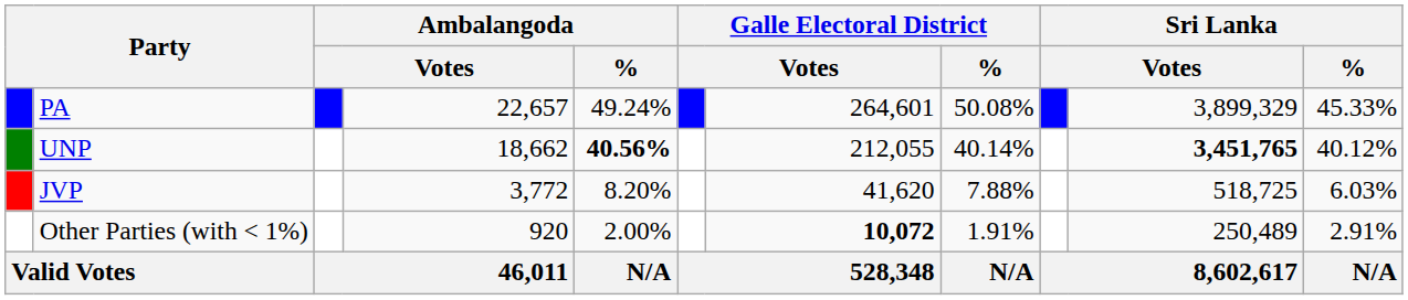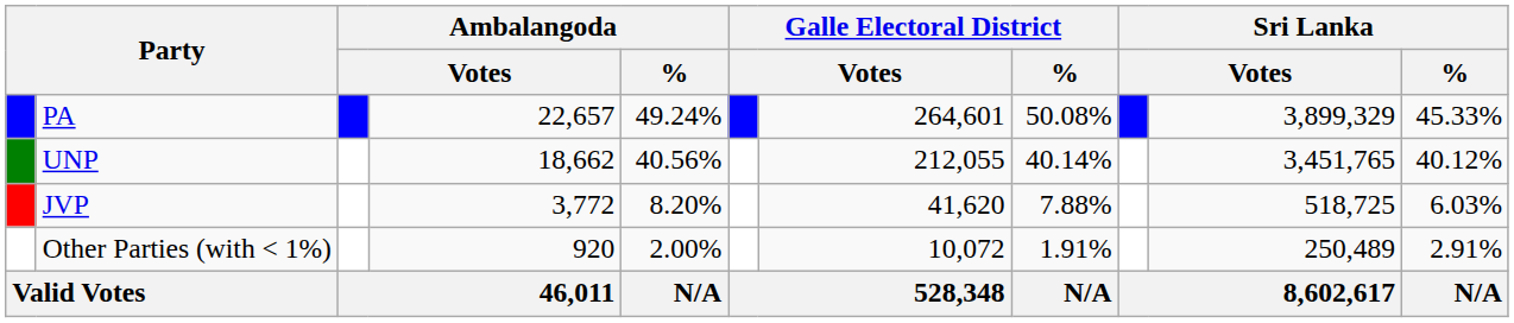 <table class="wikitable">
 <tr>
 <th colspan="2" width="144px"rowspan="2">Party</th>
 <th colspan="3" width="216px">Ambalangoda</th>
 <th colspan="3" width="216px"><a href='#'>Galle Electoral District</a></th>
 <th colspan="3" width="216px">Sri Lanka</th>
 </tr>
 <tr>
 <th colspan="2" width="144px">Votes</th>
 <th>%</th>
 <th colspan="2" width="144px">Votes</th>
 <th>%</th>
 <th colspan="2" width="144px">Votes</th>
 <th>%</th>
 </tr>
 <tr>
 <td style="background-color:blue;" width="10px"></td>
 <td style="text-align:left;"><a href='#'>PA</a></td>
 <td style="background-color:blue;" width="10px"></td>
 <td style="text-align:right;">22,657</td>
 <td style="text-align:right;">49.24%</td>
 <td style="background-color:blue;" width="10px"></td>
 <td style="text-align:right;">264,601</td>
 <td style="text-align:right;">50.08%</td>
 <td style="background-color:blue;" width="10px"></td>
 <td style="text-align:right;">3,899,329</td>
 <td style="text-align:right;">45.33%</td>
 </tr>
 <tr>
 <td style="background-color:green;" width="10px"></td>
 <td style="text-align:left;"><a href='#'>UNP</a></td>
 <td style="background-color:white;" width="10px"></td>
 <td style="text-align:right;">18,662</td>
-<td style="text-align:right;"><strong>40.56%</strong></td>
+<td style="text-align:right;">40.56%</td>
 <td style="background-color:white;" width="10px"></td>
 <td style="text-align:right;">212,055</td>
 <td style="text-align:right;">40.14%</td>
 <td style="background-color:white;" width="10px"></td>
-<td style="text-align:right;"><strong>3,451,765</strong></td>
+<td style="text-align:right;">3,451,765</td>
 <td style="text-align:right;">40.12%</td>
 </tr>
 <tr>
 <td style="background-color:red;" width="10px"></td>
 <td style="text-align:left;"><a href='#'>JVP</a></td>
 <td style="background-color:white;" width="10px"></td>
 <td style="text-align:right;">3,772</td>
 <td style="text-align:right;">8.20%</td>
 <td style="background-color:white;" width="10px"></td>
 <td style="text-align:right;">41,620</td>
 <td style="text-align:right;">7.88%</td>
 <td style="background-color:white;" width="10px"></td>
 <td style="text-align:right;">518,725</td>
 <td style="text-align:right;">6.03%</td>
 </tr>
 <tr>
 <td style="background-color:white;" width="10px"></td>
 <td style="text-align:left;">Other Parties (with < 1%)</td>
 <td style="background-color:white;" width="10px"></td>
 <td style="text-align:right;">920</td>
 <td style="text-align:right;">2.00%</td>
 <td style="background-color:white;" width="10px"></td>
-<td style="text-align:right;"><strong>10,072</strong></td>
+<td style="text-align:right;">10,072</td>
 <td style="text-align:right;">1.91%</td>
 <td style="background-color:white;" width="10px"></td>
 <td style="text-align:right;">250,489</td>
 <td style="text-align:right;">2.91%</td>
 </tr>
 <tr>
 <th colspan="2" width="144px"style="text-align:left;">Valid Votes</th>
 <th style="text-align:right;"colspan="2" width="144px">46,011</th>
 <th style="text-align:right;">N/A</th>
 <th style="text-align:right;"colspan="2" width="144px">528,348</th>
 <th style="text-align:right;">N/A</th>
 <th style="text-align:right;"colspan="2" width="144px">8,602,617</th>
 <th style="text-align:right;">N/A</th>
 </tr>
 </table>
